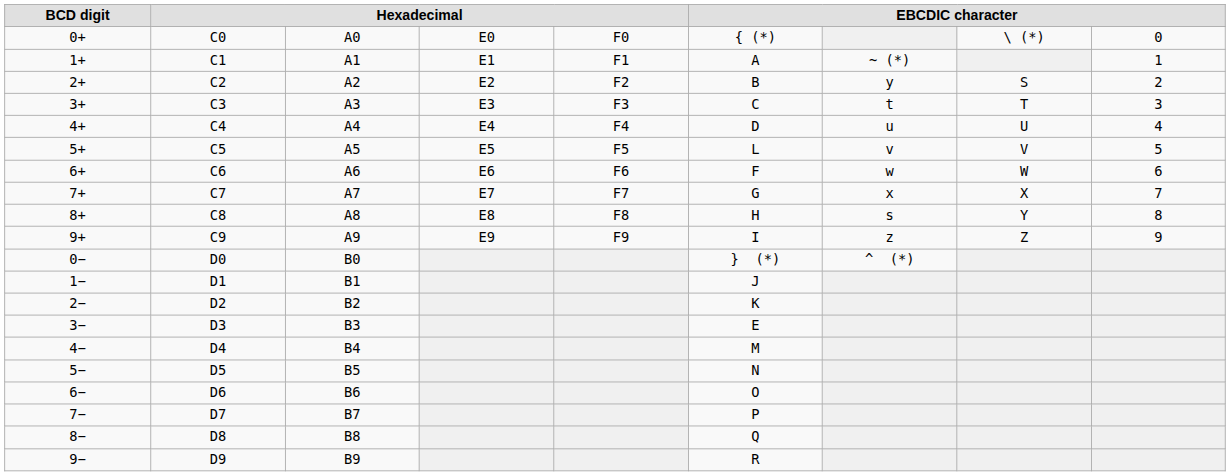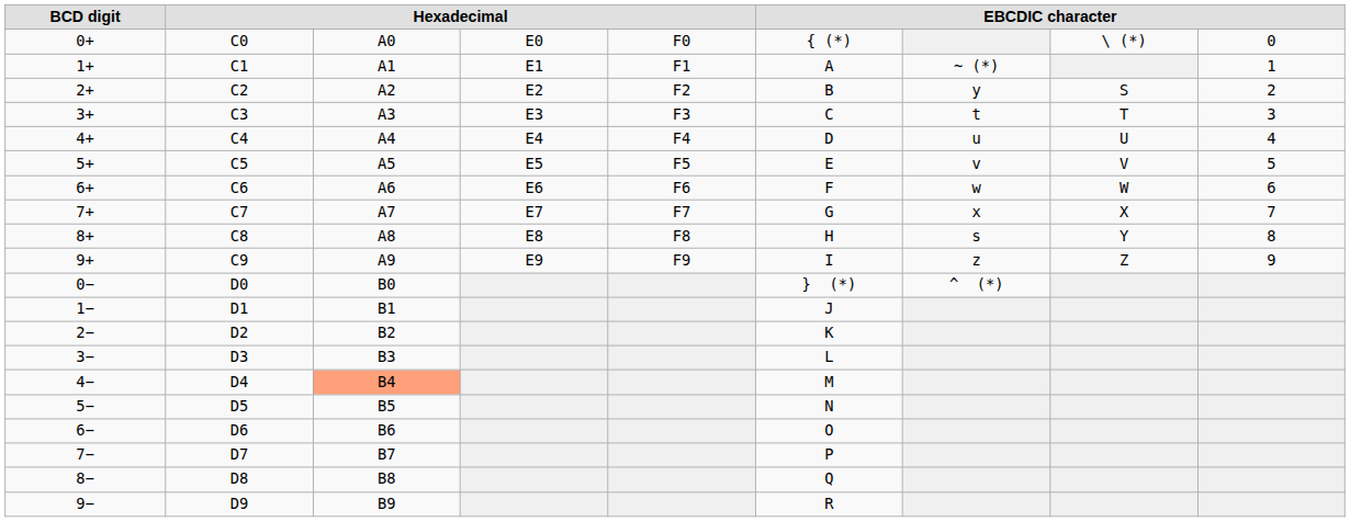 <table style="margin:auto; width:70%;" class="wikitable">
 <tr>
 <th style="background:#e0e0e0;">BCD digit</th>
 <th style="background:#e0e0e0;" colspan="4">Hexadecimal</th>
 <th style="background:#e0e0e0;" colspan="4">EBCDIC character</th>
 </tr>
 <tr style="text-align:center; font-family: monospace; font-size: larger">
 <td style="width:20%; width:12%;">0+</td>
 <td style="width:10%; width:11%;">C0</td>
 <td style="width:10%; width:11%;">A0</td>
 <td style="width:10%; width:11%;">E0</td>
 <td style="width:10%; width:11%;">F0</td>
 <td style="width:10%; width:11%;">{ (*)</td>
 <td style="width:10%; width:11%; background:#f0f0f0;"> </td>
 <td style="width:10%; width:11%;">\ (*)</td>
 <td style="width:10%; width:11%;">0</td>
 </tr>
 <tr style="text-align:center; font-family: monospace; font-size: larger">
 <td>1+</td>
 <td>C1</td>
 <td>A1</td>
 <td>E1</td>
 <td>F1</td>
 <td>A</td>
 <td>~ (*)</td>
 <td style="background:#f0f0f0;"> </td>
 <td>1</td>
 </tr>
 <tr style="text-align:center; font-family: monospace; font-size: larger">
 <td>2+</td>
 <td>C2</td>
 <td>A2</td>
 <td>E2</td>
 <td>F2</td>
 <td>B</td>
 <td>y</td>
 <td>S</td>
 <td>2</td>
 </tr>
 <tr style="text-align:center; font-family: monospace; font-size: larger">
 <td>3+</td>
 <td>C3</td>
 <td>A3</td>
 <td>E3</td>
 <td>F3</td>
 <td>C</td>
 <td>t</td>
 <td>T</td>
 <td>3</td>
 </tr>
 <tr style="text-align:center; font-family: monospace; font-size: larger">
 <td>4+</td>
 <td>C4</td>
 <td>A4</td>
 <td>E4</td>
 <td>F4</td>
 <td>D</td>
 <td>u</td>
 <td>U</td>
 <td>4</td>
 </tr>
 <tr style="text-align:center; font-family: monospace; font-size: larger">
 <td>5+</td>
 <td>C5</td>
 <td>A5</td>
 <td>E5</td>
 <td>F5</td>
-<td>L</td>
+<td>E</td>
 <td>v</td>
 <td>V</td>
 <td>5</td>
 </tr>
 <tr style="text-align:center; font-family: monospace; font-size: larger">
 <td>6+</td>
 <td>C6</td>
 <td>A6</td>
 <td>E6</td>
 <td>F6</td>
 <td>F</td>
 <td>w</td>
 <td>W</td>
 <td>6</td>
 </tr>
 <tr style="text-align:center; font-family: monospace; font-size: larger">
 <td>7+</td>
 <td>C7</td>
 <td>A7</td>
 <td>E7</td>
 <td>F7</td>
 <td>G</td>
 <td>x</td>
 <td>X</td>
 <td>7</td>
 </tr>
 <tr style="text-align:center; font-family: monospace; font-size: larger">
 <td>8+</td>
 <td>C8</td>
 <td>A8</td>
 <td>E8</td>
 <td>F8</td>
 <td>H</td>
 <td>s</td>
 <td>Y</td>
 <td>8</td>
 </tr>
 <tr style="text-align:center; font-family: monospace; font-size: larger">
 <td>9+</td>
 <td>C9</td>
 <td>A9</td>
 <td>E9</td>
 <td>F9</td>
 <td>I</td>
 <td>z</td>
 <td>Z</td>
 <td>9</td>
 </tr>
 <tr style="text-align:center; font-family: monospace; font-size: larger">
 <td>0−</td>
 <td>D0</td>
 <td>B0</td>
 <td style="background:#f0f0f0;"> </td>
 <td style="background:#f0f0f0;"> </td>
 <td>}  (*)</td>
 <td>^  (*)</td>
 <td style="background:#f0f0f0;"> </td>
 <td style="background:#f0f0f0;"> </td>
 </tr>
 <tr style="text-align:center; font-family: monospace; font-size: larger">
 <td>1−</td>
 <td>D1</td>
 <td>B1</td>
 <td style="background:#f0f0f0;"> </td>
 <td style="background:#f0f0f0;"> </td>
 <td>J</td>
 <td style="background:#f0f0f0;"> </td>
 <td style="background:#f0f0f0;"> </td>
 <td style="background:#f0f0f0;"> </td>
 </tr>
 <tr style="text-align:center; font-family: monospace; font-size: larger">
 <td>2−</td>
 <td>D2</td>
 <td>B2</td>
 <td style="background:#f0f0f0;"> </td>
 <td style="background:#f0f0f0;"> </td>
 <td>K</td>
 <td style="background:#f0f0f0;"> </td>
 <td style="background:#f0f0f0;"> </td>
 <td style="background:#f0f0f0;"> </td>
 </tr>
 <tr style="text-align:center; font-family: monospace; font-size: larger">
 <td>3−</td>
 <td>D3</td>
 <td>B3</td>
 <td style="background:#f0f0f0;"> </td>
 <td style="background:#f0f0f0;"> </td>
-<td>E</td>
+<td>L</td>
 <td style="background:#f0f0f0;"> </td>
 <td style="background:#f0f0f0;"> </td>
 <td style="background:#f0f0f0;"> </td>
 </tr>
 <tr style="text-align:center; font-family: monospace; font-size: larger">
 <td>4−</td>
 <td>D4</td>
-<td>B4</td>
+<td style="background: lightsalmon;">B4</td>
 <td style="background:#f0f0f0;"> </td>
 <td style="background:#f0f0f0;"> </td>
 <td>M</td>
 <td style="background:#f0f0f0;"> </td>
 <td style="background:#f0f0f0;"> </td>
 <td style="background:#f0f0f0;"> </td>
 </tr>
 <tr style="text-align:center; font-family: monospace; font-size: larger">
 <td>5−</td>
 <td>D5</td>
 <td>B5</td>
 <td style="background:#f0f0f0;"> </td>
 <td style="background:#f0f0f0;"> </td>
 <td>N</td>
 <td style="background:#f0f0f0;"> </td>
 <td style="background:#f0f0f0;"> </td>
 <td style="background:#f0f0f0;"> </td>
 </tr>
 <tr style="text-align:center; font-family: monospace; font-size: larger">
 <td>6−</td>
 <td>D6</td>
 <td>B6</td>
 <td style="background:#f0f0f0;"> </td>
 <td style="background:#f0f0f0;"> </td>
 <td>O</td>
 <td style="background:#f0f0f0;"> </td>
 <td style="background:#f0f0f0;"> </td>
 <td style="background:#f0f0f0;"> </td>
 </tr>
 <tr style="text-align:center; font-family: monospace; font-size: larger">
 <td>7−</td>
 <td>D7</td>
 <td>B7</td>
 <td style="background:#f0f0f0;"> </td>
 <td style="background:#f0f0f0;"> </td>
 <td>P</td>
 <td style="background:#f0f0f0;"> </td>
 <td style="background:#f0f0f0;"> </td>
 <td style="background:#f0f0f0;"> </td>
 </tr>
 <tr style="text-align:center; font-family: monospace; font-size: larger">
 <td>8−</td>
 <td>D8</td>
 <td>B8</td>
 <td style="background:#f0f0f0;"> </td>
 <td style="background:#f0f0f0;"> </td>
 <td>Q</td>
 <td style="background:#f0f0f0;"> </td>
 <td style="background:#f0f0f0;"> </td>
 <td style="background:#f0f0f0;"> </td>
 </tr>
 <tr style="text-align:center; font-family: monospace; font-size: larger">
 <td>9−</td>
 <td>D9</td>
 <td>B9</td>
 <td style="background:#f0f0f0;"> </td>
 <td style="background:#f0f0f0;"> </td>
 <td>R</td>
 <td style="background:#f0f0f0;"> </td>
 <td style="background:#f0f0f0;"> </td>
 <td style="background:#f0f0f0;"> </td>
 </tr>
 </table>
